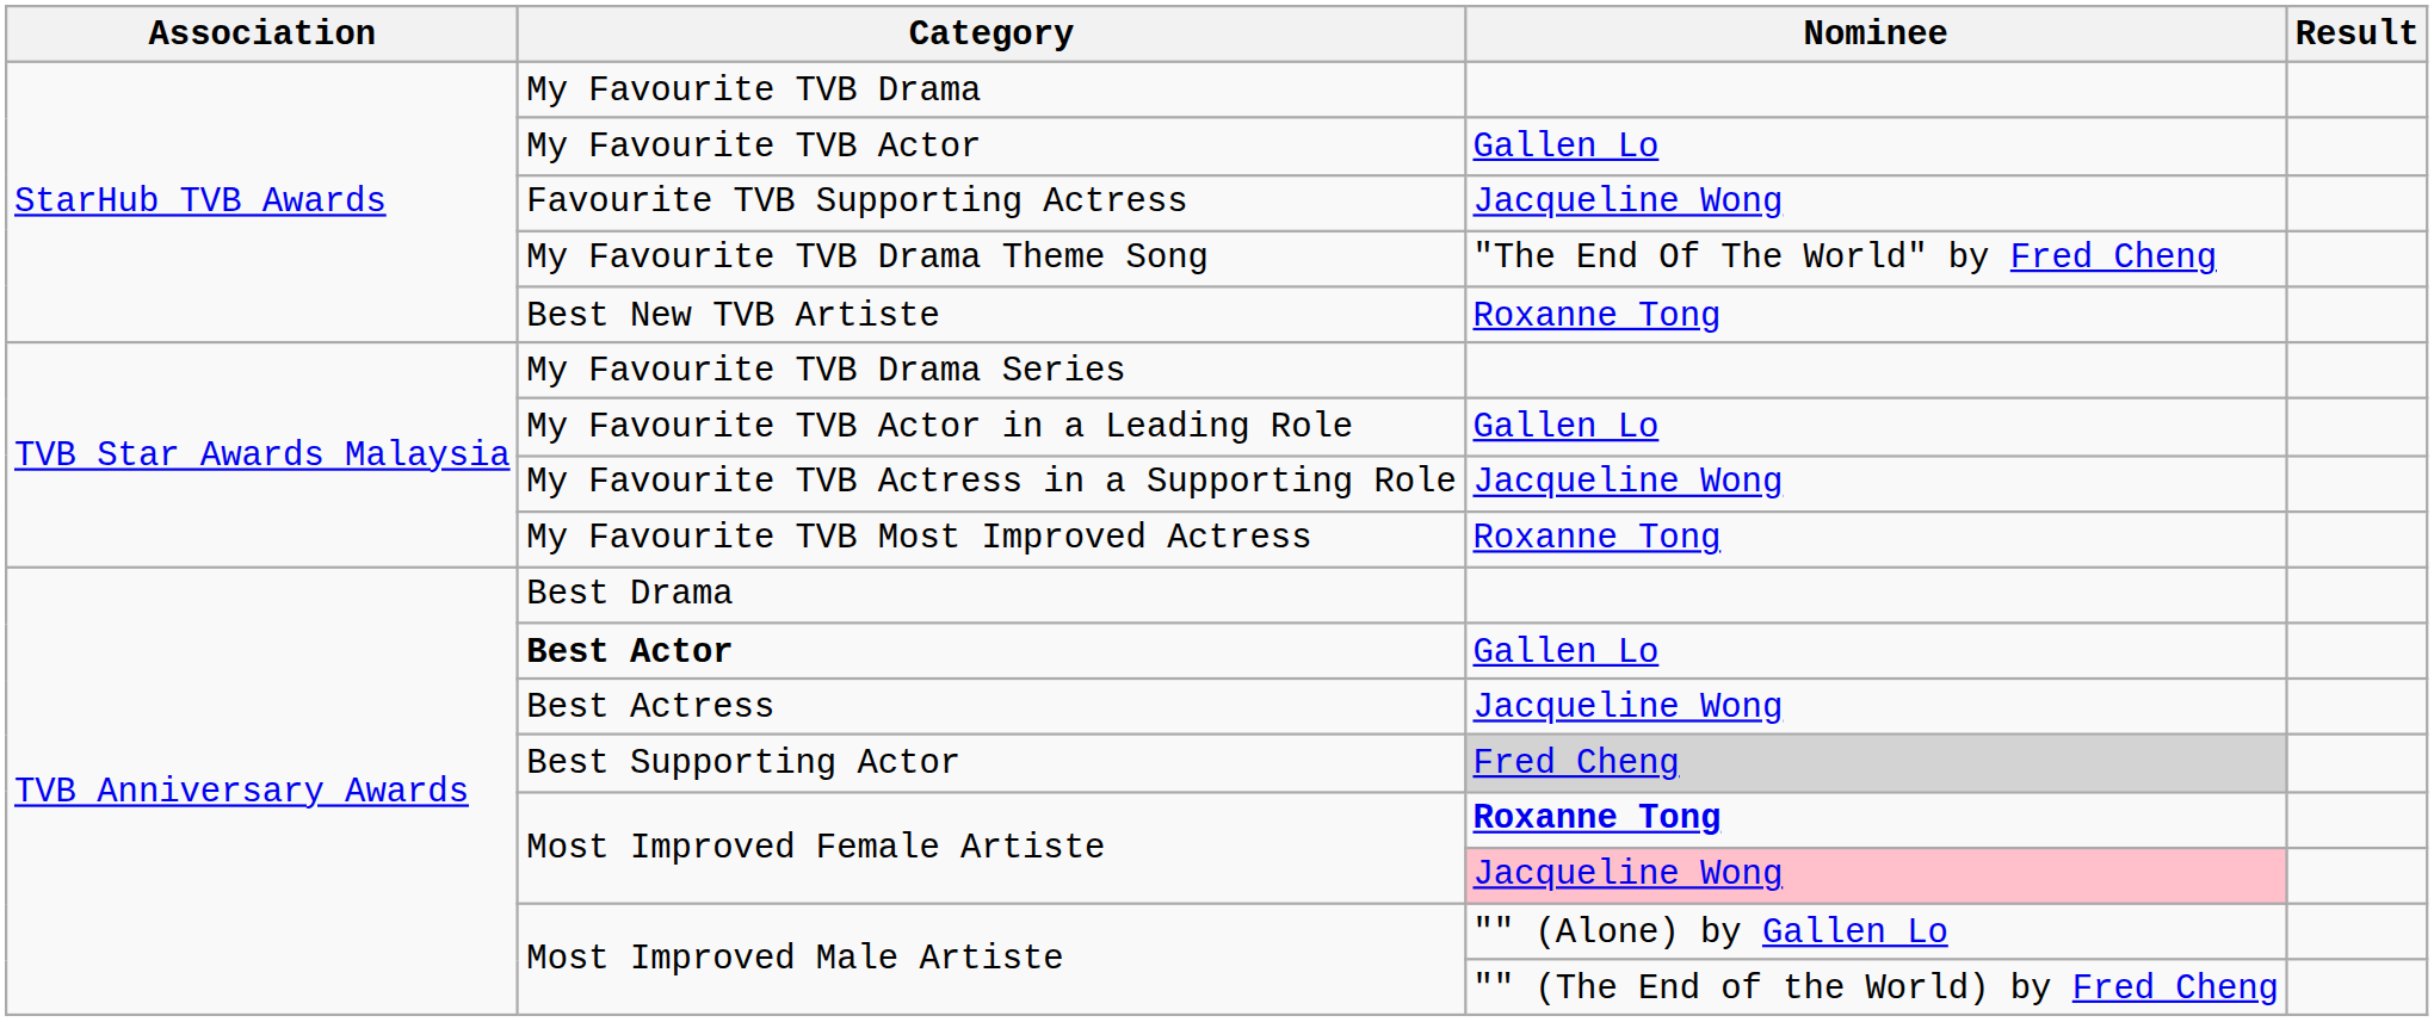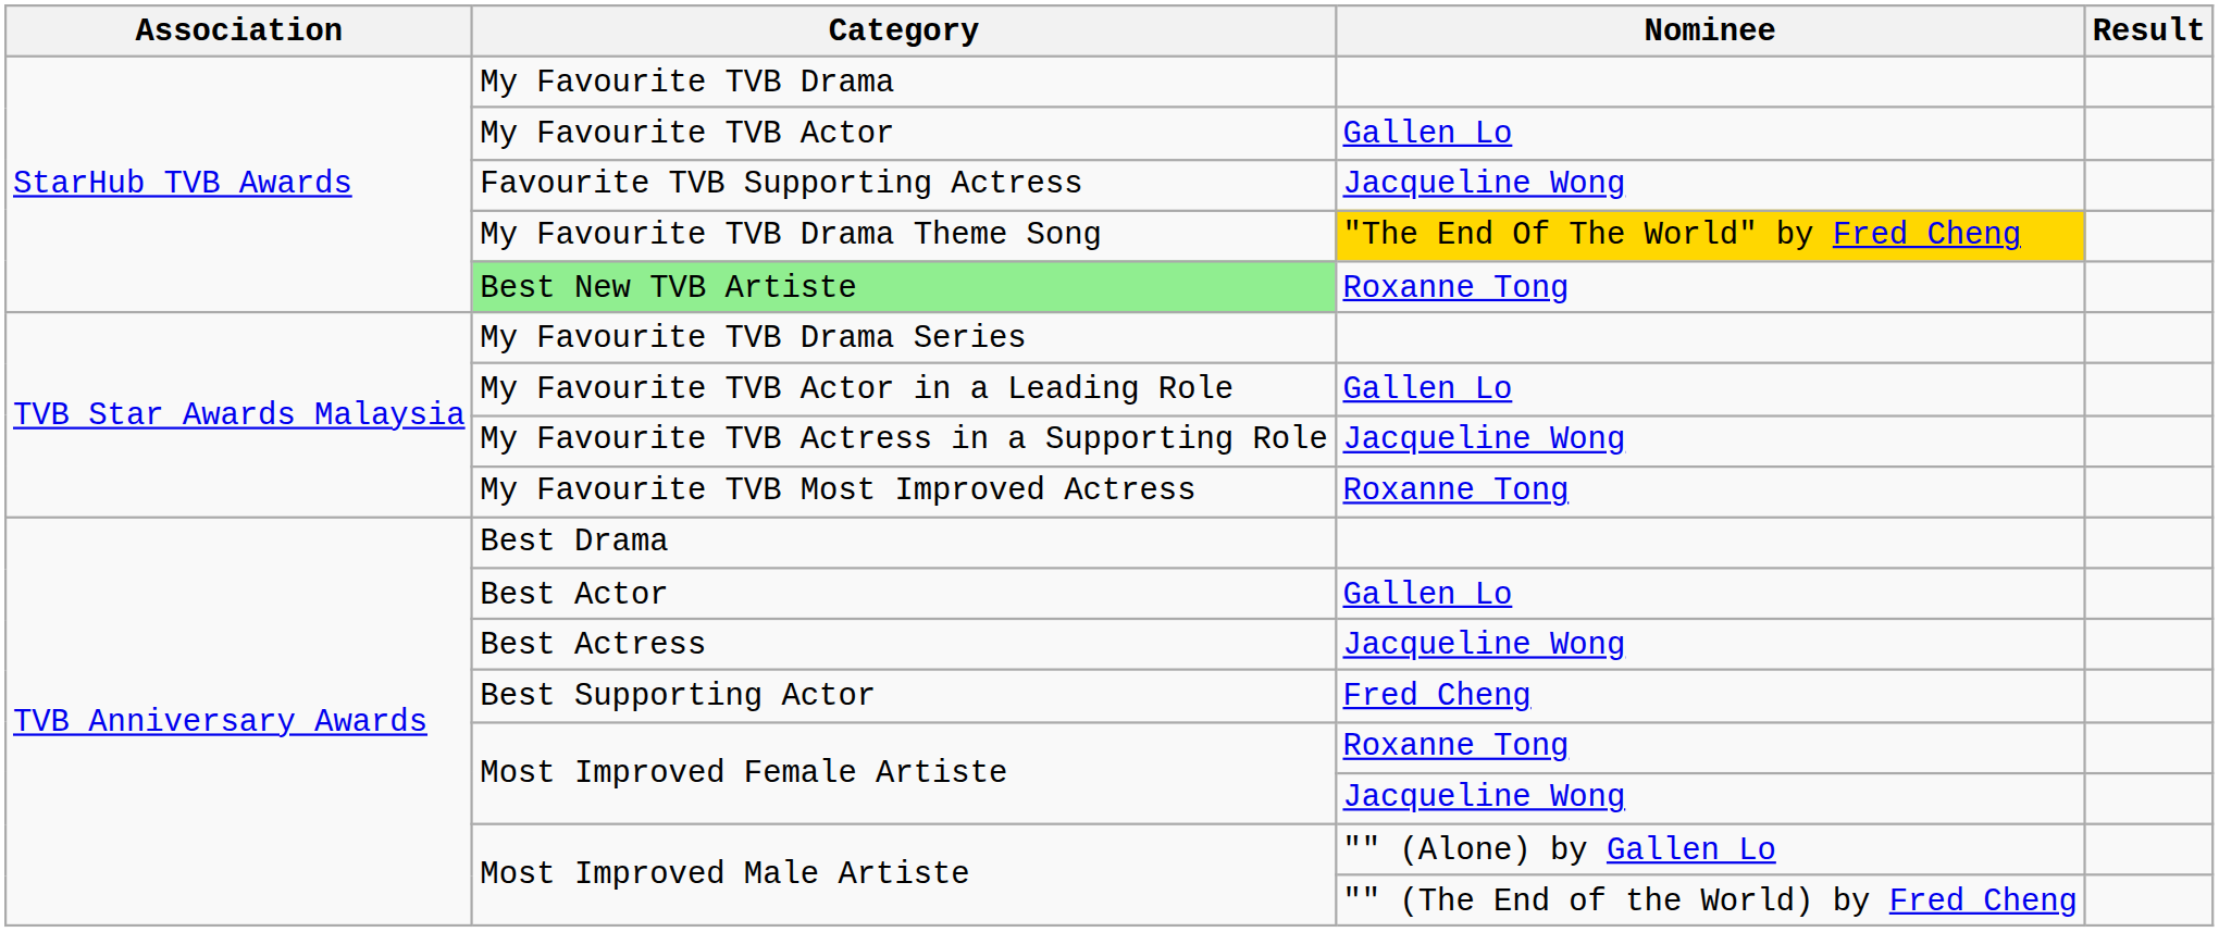 <table class="wikitable sortable">
 <tr>
 <th>Association</th>
 <th>Category</th>
 <th>Nominee</th>
 <th>Result</th>
 </tr>
 <tr>
 <td rowspan=5><a href='#'>StarHub TVB Awards</a></td>
 <td>My Favourite TVB Drama</td>
 <td></td>
 <td></td>
 </tr>
 <tr>
 <td>My Favourite TVB Actor</td>
 <td><a href='#'>Gallen Lo</a></td>
 <td></td>
 </tr>
 <tr>
 <td>Favourite TVB Supporting Actress</td>
 <td><a href='#'>Jacqueline Wong</a></td>
 <td></td>
 </tr>
 <tr>
 <td>My Favourite TVB Drama Theme Song</td>
-<td>"The End Of The World" by <a href='#'>Fred Cheng</a></td>
+<td style="background: gold;">"The End Of The World" by <a href='#'>Fred Cheng</a></td>
 <td></td>
 </tr>
 <tr>
-<td>Best New TVB Artiste</td>
+<td style="background: lightgreen;">Best New TVB Artiste</td>
 <td><a href='#'>Roxanne Tong</a></td>
 <td></td>
 </tr>
 <tr>
 <td rowspan=4><a href='#'>TVB Star Awards Malaysia</a></td>
 <td>My Favourite TVB Drama Series</td>
 <td></td>
 <td></td>
 </tr>
 <tr>
 <td>My Favourite TVB Actor in a Leading Role</td>
 <td><a href='#'>Gallen Lo</a></td>
 <td></td>
 </tr>
 <tr>
 <td>My Favourite TVB Actress in a Supporting Role</td>
 <td><a href='#'>Jacqueline Wong</a></td>
 <td></td>
 </tr>
 <tr>
 <td>My Favourite TVB Most Improved Actress</td>
 <td><a href='#'>Roxanne Tong</a></td>
 <td></td>
 </tr>
 <tr>
 <td rowspan=8><a href='#'>TVB Anniversary Awards</a></td>
 <td>Best Drama</td>
 <td></td>
 <td></td>
 </tr>
 <tr>
-<td><strong>Best Actor</strong></td>
+<td>Best Actor</td>
 <td><a href='#'>Gallen Lo</a></td>
 <td></td>
 </tr>
 <tr>
 <td>Best Actress</td>
 <td><a href='#'>Jacqueline Wong</a></td>
 <td></td>
 </tr>
 <tr>
 <td>Best Supporting Actor</td>
-<td style="background: lightgrey;"><a href='#'>Fred Cheng</a></td>
+<td><a href='#'>Fred Cheng</a></td>
 <td></td>
 </tr>
 <tr>
 <td rowspan=2>Most Improved Female Artiste</td>
-<td><strong><a href='#'>Roxanne Tong</a></strong></td>
+<td><a href='#'>Roxanne Tong</a></td>
 <td></td>
 </tr>
 <tr>
-<td style="background: pink;"><a href='#'>Jacqueline Wong</a></td>
+<td><a href='#'>Jacqueline Wong</a></td>
 <td></td>
 </tr>
 <tr>
 <td rowspan=2>Most Improved Male Artiste</td>
 <td>"" (Alone) by <a href='#'>Gallen Lo</a></td>
 <td></td>
 </tr>
 <tr>
 <td>"" (The End of the World) by <a href='#'>Fred Cheng</a></td>
 <td></td>
 </tr>
 </table>
